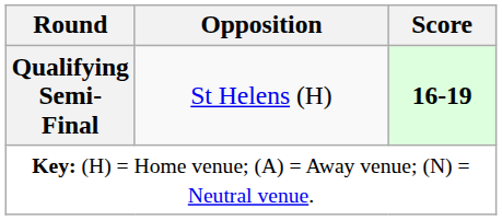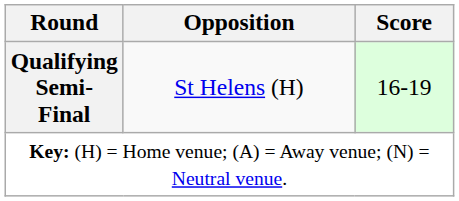 <table class="wikitable plainrowheaders" style="text-align:center;margin-left:1em">
 <tr>
 <th width="25">Round</th>
 <th width="150">Opposition</th>
 <th width="60">Score</th>
 </tr>
 <tr>
 <th scope=row style="text-align:center">Qualifying Semi-Final</th>
 <td> <a href='#'>St Helens</a> (H)</td>
-<td bgcolor=DDFFDD><strong>16-19</strong></td>
+<td bgcolor=DDFFDD>16-19</td>
 </tr>
 <tr>
 <td colspan="3" style="background-color:white;"><small><strong>Key:</strong> (H) = Home venue; (A) = Away venue; (N) = <a href='#'>Neutral venue</a>.</small></td>
 </tr>
 </table>
